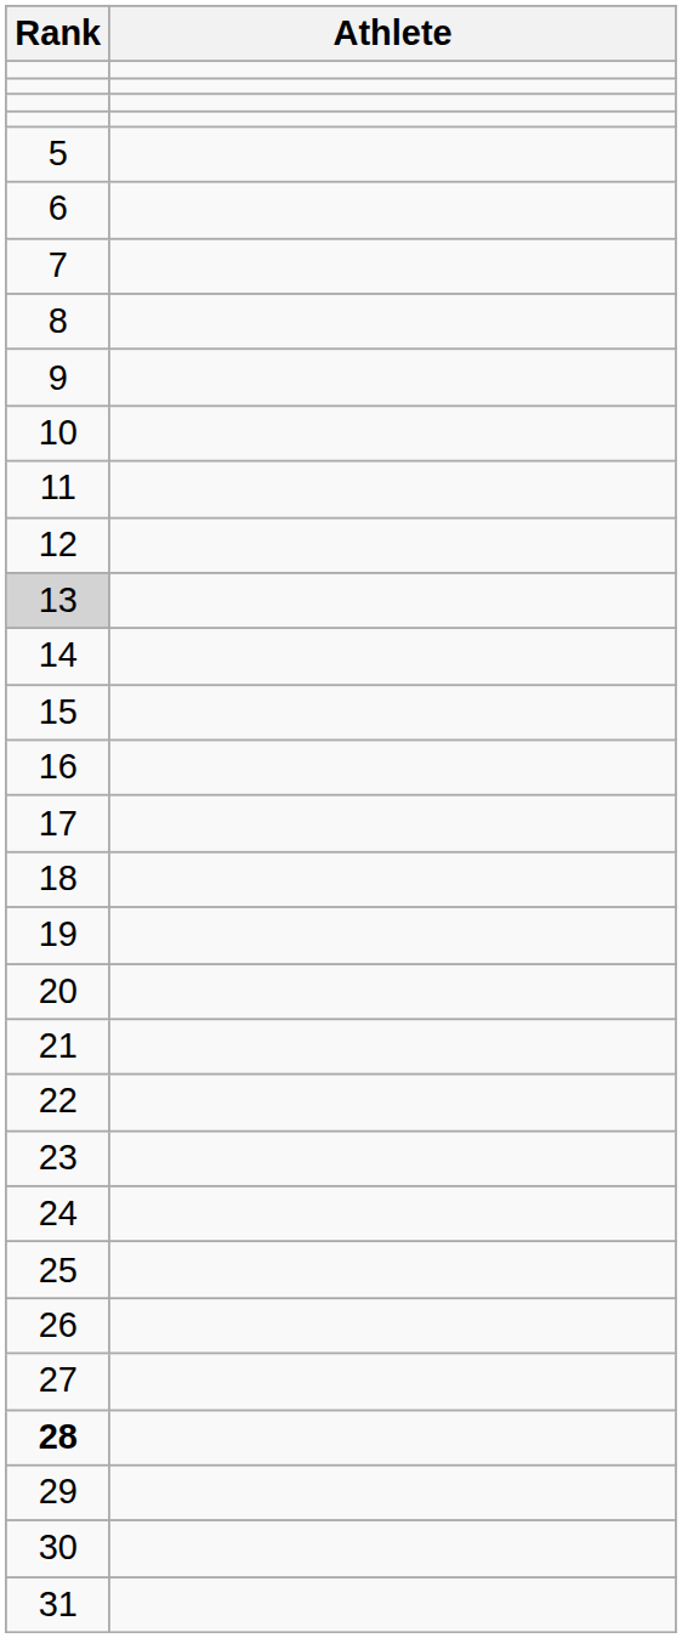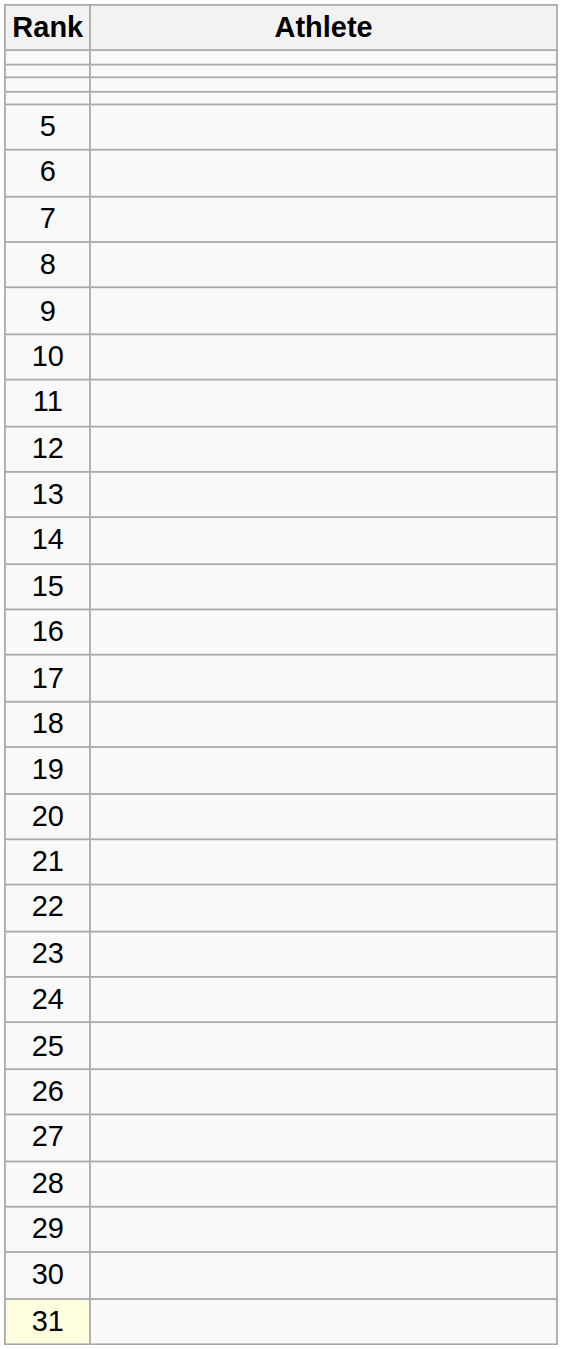 <table class="wikitable" style="text-align: center;">
 <tr>
 <th width=40>Rank</th>
 <th width=250>Athlete</th>
 </tr>
 <tr>
 <td></td>
 <td align=left></td>
 </tr>
 <tr>
 <td></td>
 <td align=left></td>
 </tr>
 <tr>
 <td></td>
 <td align=left></td>
 </tr>
 <tr>
 <td></td>
 <td align=left></td>
 </tr>
 <tr>
 <td>5</td>
 <td align=left></td>
 </tr>
 <tr>
 <td>6</td>
 <td align=left></td>
 </tr>
 <tr>
 <td>7</td>
 <td align=left></td>
 </tr>
 <tr>
 <td>8</td>
 <td align=left></td>
 </tr>
 <tr>
 <td>9</td>
 <td align=left></td>
 </tr>
 <tr>
 <td>10</td>
 <td align=left></td>
 </tr>
 <tr>
 <td>11</td>
 <td align=left></td>
 </tr>
 <tr>
 <td>12</td>
 <td align=left></td>
 </tr>
 <tr>
-<td style="background: lightgrey;">13</td>
+<td>13</td>
 <td align=left></td>
 </tr>
 <tr>
 <td>14</td>
 <td align=left></td>
 </tr>
 <tr>
 <td>15</td>
 <td align=left></td>
 </tr>
 <tr>
 <td>16</td>
 <td align=left></td>
 </tr>
 <tr>
 <td>17</td>
 <td align=left></td>
 </tr>
 <tr>
 <td>18</td>
 <td align=left></td>
 </tr>
 <tr>
 <td>19</td>
 <td align=left></td>
 </tr>
 <tr>
 <td>20</td>
 <td align=left></td>
 </tr>
 <tr>
 <td>21</td>
 <td align=left></td>
 </tr>
 <tr>
 <td>22</td>
 <td align=left></td>
 </tr>
 <tr>
 <td>23</td>
 <td align=left></td>
 </tr>
 <tr>
 <td>24</td>
 <td align=left></td>
 </tr>
 <tr>
 <td>25</td>
 <td align=left></td>
 </tr>
 <tr>
 <td>26</td>
 <td align=left></td>
 </tr>
 <tr>
 <td>27</td>
 <td align=left></td>
 </tr>
 <tr>
-<td><strong>28</strong></td>
+<td>28</td>
 <td align=left></td>
 </tr>
 <tr>
 <td>29</td>
 <td align=left></td>
 </tr>
 <tr>
 <td>30</td>
 <td align=left></td>
 </tr>
 <tr>
-<td>31</td>
+<td style="background: lightyellow;">31</td>
 <td align=left></td>
 </tr>
 </table>
